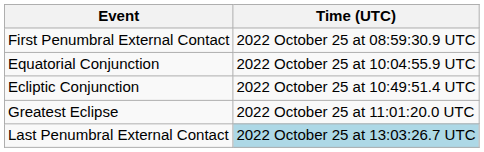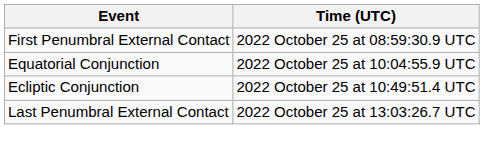 <table class="wikitable">
 <tr>
 <th>Event</th>
 <th>Time (UTC)</th>
 </tr>
 <tr>
 <td>First Penumbral External Contact</td>
 <td>2022 October 25 at 08:59:30.9 UTC</td>
 </tr>
 <tr>
 <td>Equatorial Conjunction</td>
 <td>2022 October 25 at 10:04:55.9 UTC</td>
 </tr>
 <tr>
 <td>Ecliptic Conjunction</td>
 <td>2022 October 25 at 10:49:51.4 UTC</td>
 </tr>
 <tr>
-<td>Greatest Eclipse</td>
-<td>2022 October 25 at 11:01:20.0 UTC</td>
-</tr>
-<tr>
 <td>Last Penumbral External Contact</td>
-<td style="background: lightblue;">2022 October 25 at 13:03:26.7 UTC</td>
+<td>2022 October 25 at 13:03:26.7 UTC</td>
 </tr>
 </table>
